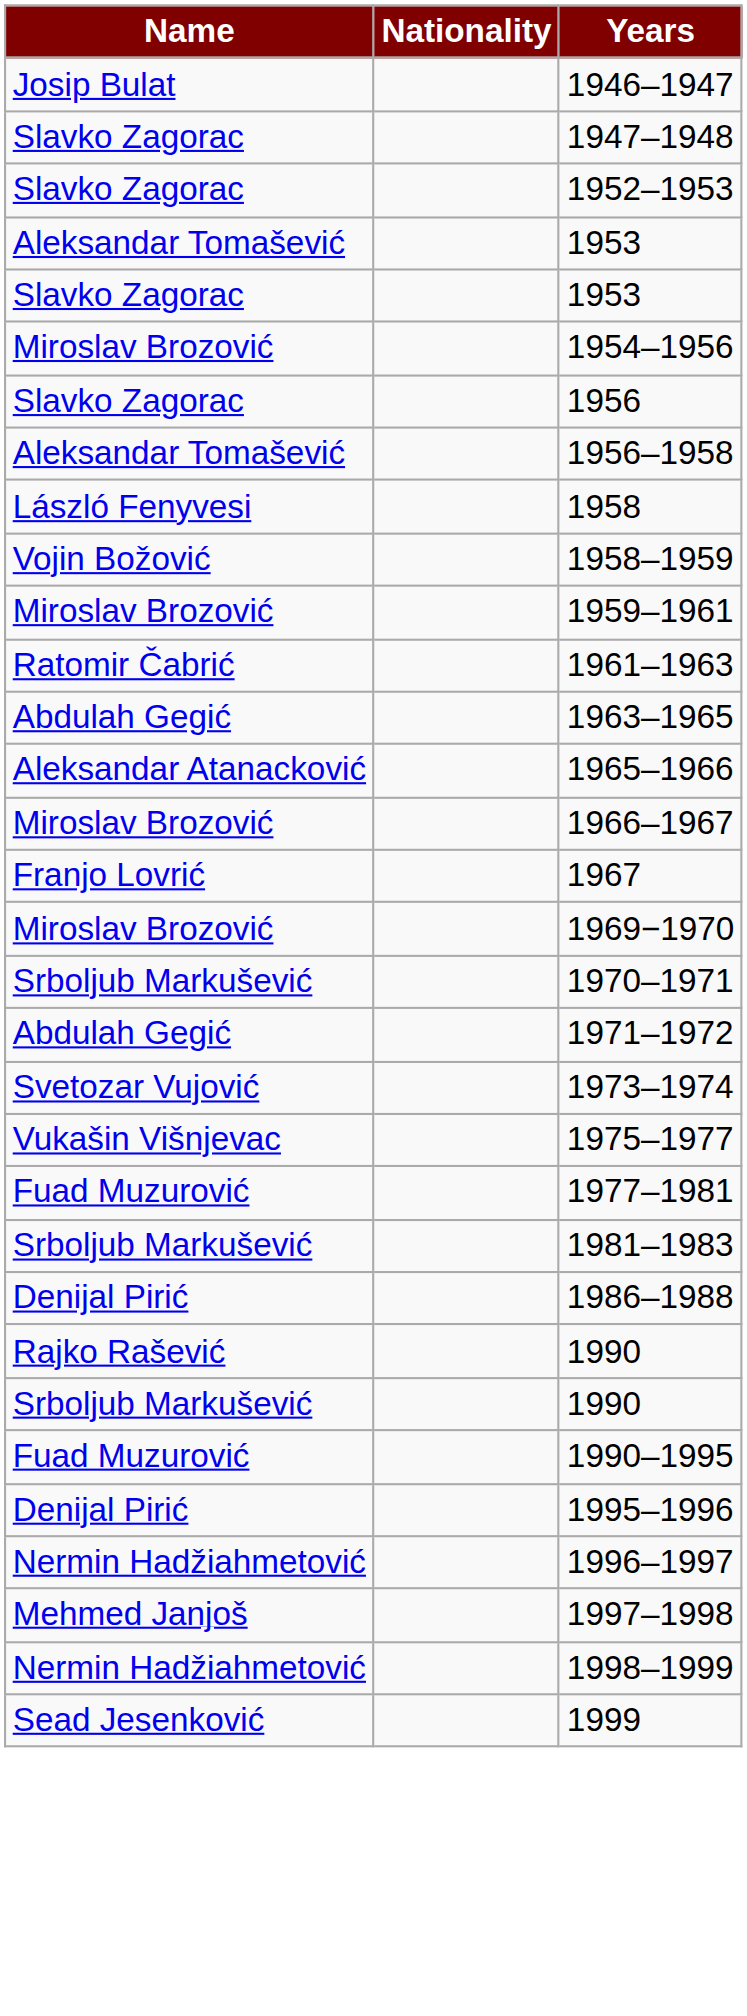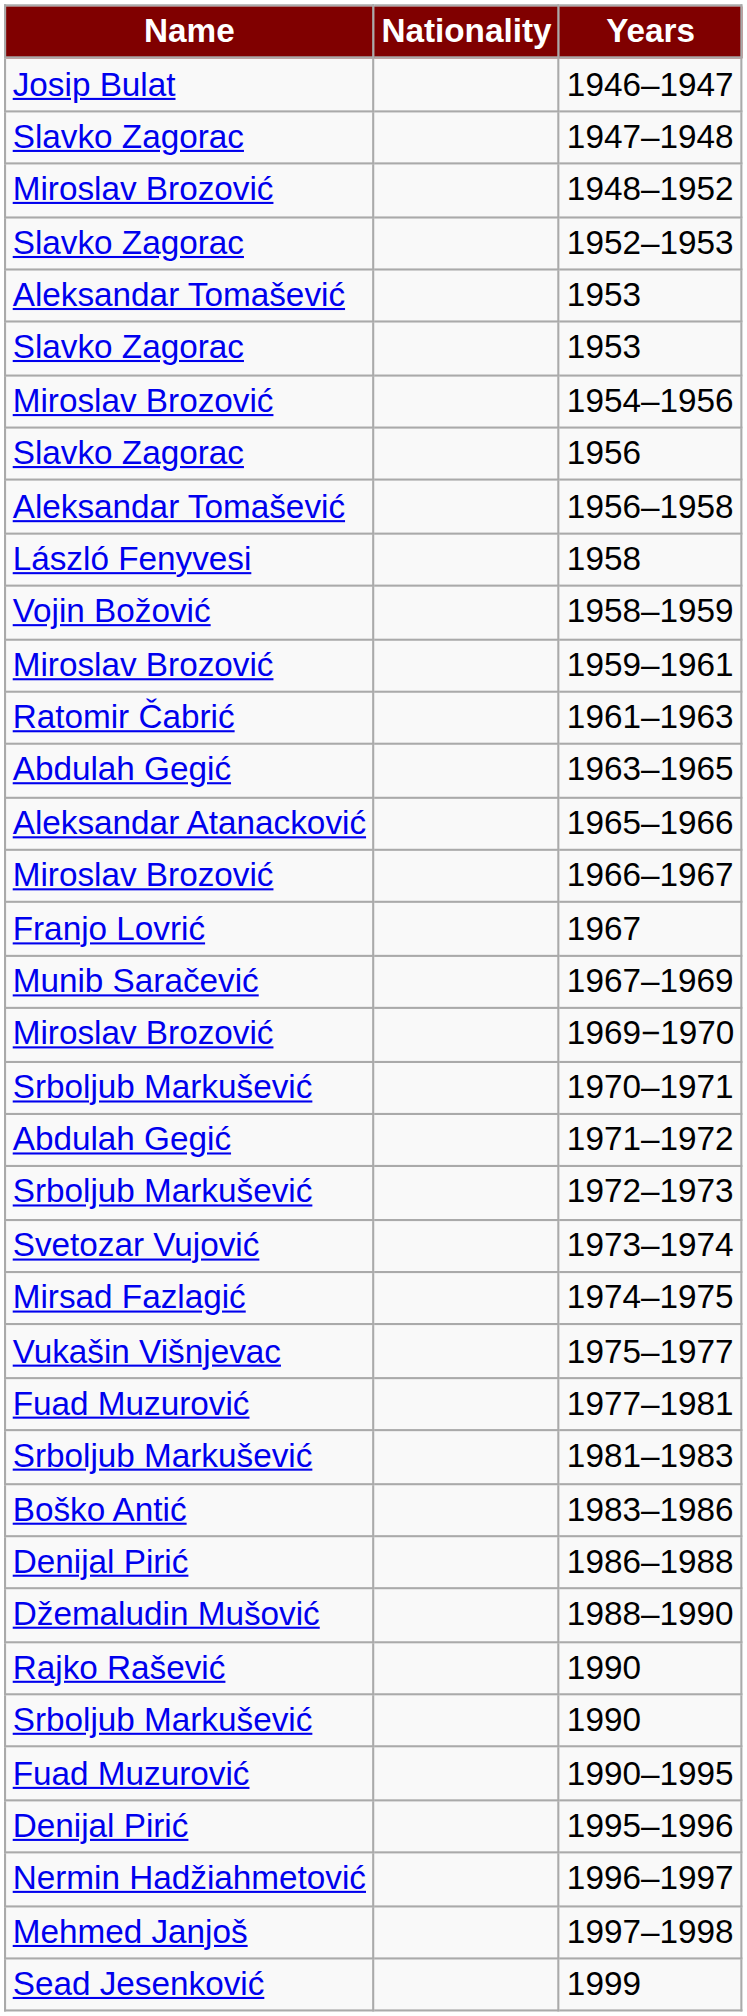 <table class="wikitable" style="text-align: center; display:inline-table">
 <tr>
 <th style="color:#FFFFFF;background:#800000;">Name</th>
 <th style="color:#FFFFFF;background:#800000;">Nationality</th>
 <th style="color:#FFFFFF;background:#800000;">Years</th>
 </tr>
 <tr>
 <td align="left"><a href='#'>Josip Bulat</a></td>
 <td></td>
 <td align="left">1946–1947</td>
 </tr>
 <tr>
 <td align="left"><a href='#'>Slavko Zagorac</a></td>
 <td></td>
 <td align="left">1947–1948</td>
+</tr>
+<tr>
+<td align="left"><a href='#'>Miroslav Brozović</a></td>
+<td></td>
+<td align="left">1948–1952</td>
 </tr>
 <tr>
 <td align="left"><a href='#'>Slavko Zagorac</a></td>
 <td></td>
 <td align="left">1952–1953</td>
 </tr>
 <tr>
 <td align="left"><a href='#'>Aleksandar Tomašević</a></td>
 <td></td>
 <td align="left">1953</td>
 </tr>
 <tr>
 <td align="left"><a href='#'>Slavko Zagorac</a></td>
 <td></td>
 <td align="left">1953</td>
 </tr>
 <tr>
 <td align="left"><a href='#'>Miroslav Brozović</a></td>
 <td></td>
 <td align="left">1954–1956</td>
 </tr>
 <tr>
 <td align="left"><a href='#'>Slavko Zagorac</a></td>
 <td></td>
 <td align="left">1956</td>
 </tr>
 <tr>
 <td align="left"><a href='#'>Aleksandar Tomašević</a></td>
 <td></td>
 <td align="left">1956–1958</td>
 </tr>
 <tr>
 <td align="left"><a href='#'>László Fenyvesi</a></td>
 <td></td>
 <td align="left">1958</td>
 </tr>
 <tr>
 <td align="left"><a href='#'>Vojin Božović</a></td>
 <td></td>
 <td align="left">1958–1959</td>
 </tr>
 <tr>
 <td align="left"><a href='#'>Miroslav Brozović</a></td>
 <td></td>
 <td align="left">1959–1961</td>
 </tr>
 <tr>
 <td align="left"><a href='#'>Ratomir Čabrić</a></td>
 <td></td>
 <td align="left">1961–1963</td>
 </tr>
 <tr>
 <td align="left"><a href='#'>Abdulah Gegić</a></td>
 <td></td>
 <td align="left">1963–1965</td>
 </tr>
 <tr>
 <td align="left"><a href='#'>Aleksandar Atanacković</a></td>
 <td></td>
 <td align="left">1965–1966</td>
 </tr>
 <tr>
 <td align="left"><a href='#'>Miroslav Brozović</a></td>
 <td></td>
 <td align="left">1966–1967</td>
 </tr>
 <tr>
 <td align="left"><a href='#'>Franjo Lovrić</a></td>
 <td></td>
 <td align="left">1967</td>
 </tr>
 <tr>
+<td align="left"><a href='#'>Munib Saračević</a></td>
+<td></td>
+<td align="left">1967–1969</td>
+</tr>
+<tr>
 <td align="left"><a href='#'>Miroslav Brozović</a></td>
 <td></td>
 <td align="left">1969−1970</td>
 </tr>
 <tr>
 <td align="left"><a href='#'>Srboljub Markušević</a></td>
 <td></td>
 <td align="left">1970–1971</td>
 </tr>
 <tr>
 <td align="left"><a href='#'>Abdulah Gegić</a></td>
 <td></td>
 <td align="left">1971–1972</td>
 </tr>
 <tr>
+<td align="left"><a href='#'>Srboljub Markušević</a></td>
+<td></td>
+<td align="left">1972–1973</td>
+</tr>
+<tr>
 <td align="left"><a href='#'>Svetozar Vujović</a></td>
 <td></td>
 <td align="left">1973–1974</td>
+</tr>
+<tr>
+<td align="left"><a href='#'>Mirsad Fazlagić</a></td>
+<td></td>
+<td align="left">1974–1975</td>
 </tr>
 <tr>
 <td align="left"><a href='#'>Vukašin Višnjevac</a></td>
 <td></td>
 <td align="left">1975–1977</td>
 </tr>
 <tr>
 <td align="left"><a href='#'>Fuad Muzurović</a></td>
 <td></td>
 <td align="left">1977–1981</td>
 </tr>
 <tr>
 <td align="left"><a href='#'>Srboljub Markušević</a></td>
 <td></td>
 <td align="left">1981–1983</td>
 </tr>
 <tr>
+<td align="left"><a href='#'>Boško Antić</a></td>
+<td></td>
+<td align="left">1983–1986</td>
+</tr>
+<tr>
 <td align="left"><a href='#'>Denijal Pirić</a></td>
 <td></td>
 <td align="left">1986–1988</td>
+</tr>
+<tr>
+<td align="left"><a href='#'>Džemaludin Mušović</a></td>
+<td></td>
+<td align="left">1988–1990</td>
 </tr>
 <tr>
 <td align="left"><a href='#'>Rajko Rašević</a></td>
 <td></td>
 <td align="left">1990</td>
 </tr>
 <tr>
 <td align="left"><a href='#'>Srboljub Markušević</a></td>
 <td></td>
 <td align="left">1990</td>
 </tr>
 <tr>
 <td align="left"><a href='#'>Fuad Muzurović</a></td>
 <td> </td>
 <td align="left">1990–1995</td>
 </tr>
 <tr>
 <td align="left"><a href='#'>Denijal Pirić</a></td>
 <td></td>
 <td align="left">1995–1996</td>
 </tr>
 <tr>
 <td align="left"><a href='#'>Nermin Hadžiahmetović</a></td>
 <td></td>
 <td align="left">1996–1997</td>
 </tr>
 <tr>
 <td align="left"><a href='#'>Mehmed Janjoš</a></td>
 <td></td>
 <td align="left">1997–1998</td>
 </tr>
 <tr>
-<td align="left"><a href='#'>Nermin Hadžiahmetović</a></td>
-<td></td>
-<td align="left">1998–1999</td>
-</tr>
-<tr>
 <td align="left"><a href='#'>Sead Jesenković</a></td>
 <td></td>
 <td align="left">1999</td>
 </tr>
 </table>
